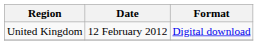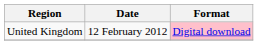 <table class="wikitable">
 <tr>
 <th>Region</th>
 <th>Date</th>
 <th>Format</th>
 </tr>
 <tr>
 <td rowspan="1">United Kingdom</td>
 <td>12 February 2012</td>
-<td><a href='#'>Digital download</a></td>
+<td style="background: pink;"><a href='#'>Digital download</a></td>
 </tr>
 <tr>
 </tr>
 </table>
